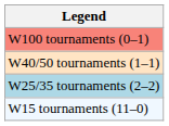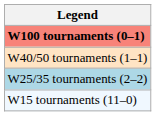 <table class="wikitable" style="font-size:85%">
 <tr>
 <th>Legend</th>
 </tr>
 <tr style="background:#f88379;">
-<td>W100 tournaments (0–1)</td>
+<td><strong>W100 tournaments (0–1)</strong></td>
 </tr>
 <tr style="background:#ffe4c4;">
 <td>W40/50 tournaments (1–1)</td>
 </tr>
 <tr style="background:lightblue;">
 <td>W25/35 tournaments (2–2)</td>
 </tr>
 <tr style="background:#f0f8ff;">
 <td>W15 tournaments (11–0)</td>
 </tr>
 </table>
